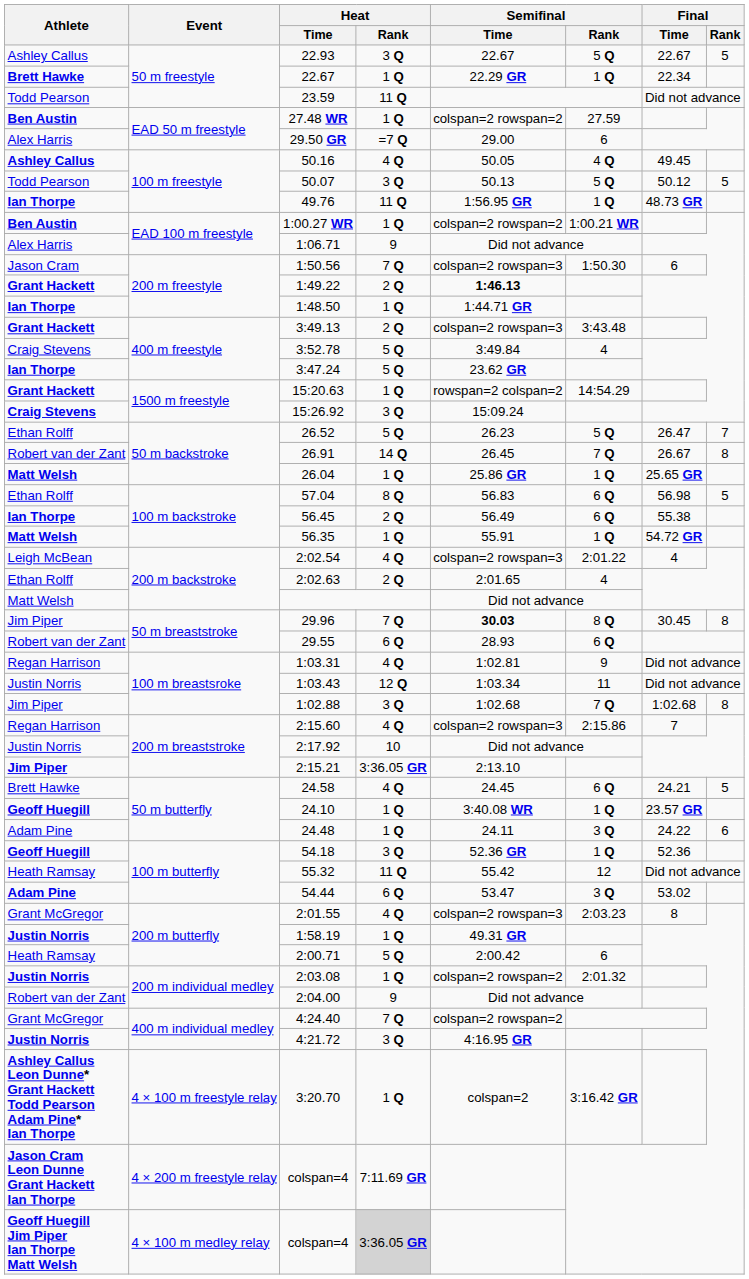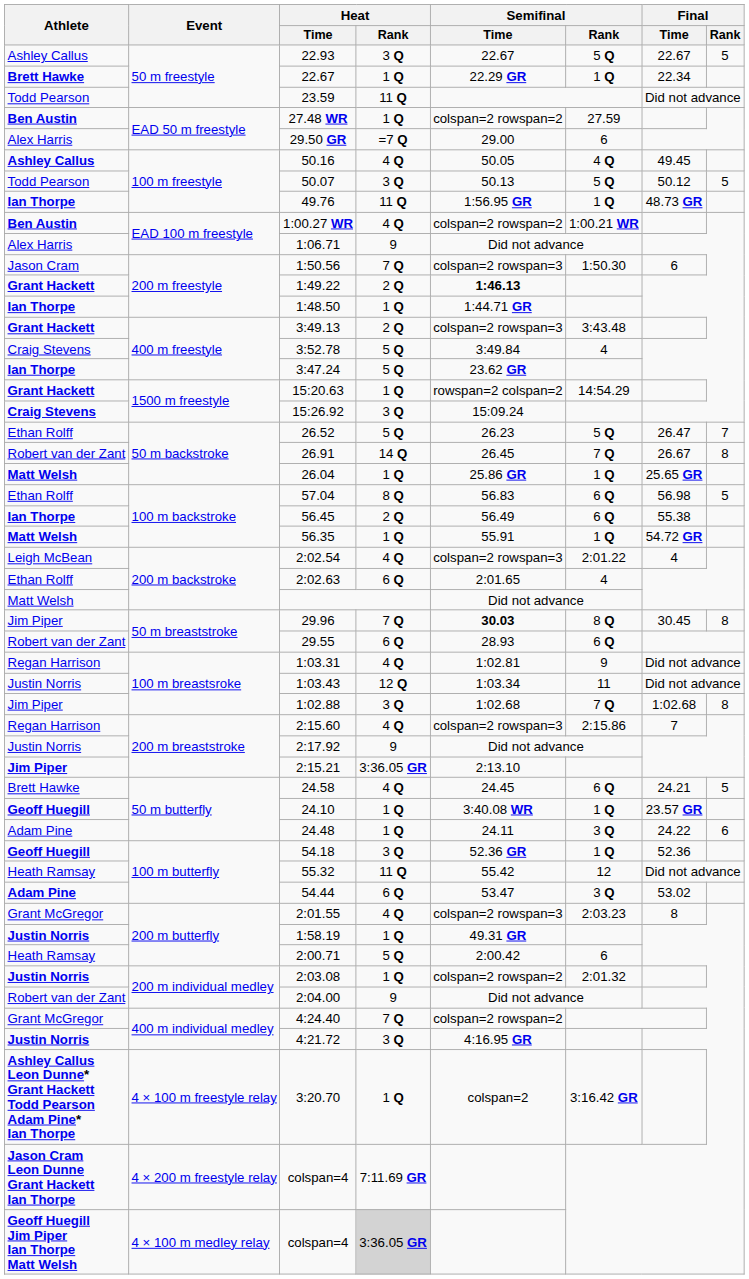 <table class=wikitable style="font-size:90%">
 <tr>
 <th rowspan="2">Athlete</th>
 <th rowspan="2">Event</th>
 <th colspan="2">Heat</th>
 <th colspan="2">Semifinal</th>
 <th colspan="2">Final</th>
 </tr>
 <tr style="font-size:95%">
 <th>Time</th>
 <th>Rank</th>
 <th>Time</th>
 <th>Rank</th>
 <th>Time</th>
 <th>Rank</th>
 </tr>
 <tr align=center>
 <td align=left><a href='#'>Ashley Callus</a></td>
 <td align=left rowspan=3><a href='#'>50 m freestyle</a></td>
 <td>22.93</td>
 <td>3 <strong>Q</strong></td>
 <td>22.67</td>
 <td>5 <strong>Q</strong></td>
 <td>22.67</td>
 <td>5</td>
 </tr>
 <tr align=center>
 <td align=left><strong><a href='#'>Brett Hawke</a></strong></td>
 <td>22.67</td>
 <td>1 <strong>Q</strong></td>
 <td>22.29 <strong><a href='#'>GR</a></strong></td>
 <td>1 <strong>Q</strong></td>
 <td>22.34</td>
 <td></td>
 </tr>
 <tr align=center>
 <td align=left><a href='#'>Todd Pearson</a></td>
 <td>23.59</td>
 <td>11 <strong>Q</strong></td>
 <td colspan=2></td>
 <td colspan=2>Did not advance</td>
 </tr>
 <tr align=center>
 <td align=left><strong><a href='#'>Ben Austin</a></strong></td>
 <td align=left rowspan=2><a href='#'>EAD 50 m freestyle</a></td>
 <td>27.48 <strong><a href='#'>WR</a></strong></td>
 <td>1 <strong>Q</strong></td>
 <td>colspan=2 rowspan=2 </td>
 <td>27.59</td>
 <td></td>
 </tr>
 <tr align=center>
 <td align=left><a href='#'>Alex Harris</a></td>
 <td>29.50 <strong><a href='#'>GR</a></strong></td>
 <td>=7 <strong>Q</strong></td>
 <td>29.00</td>
 <td>6</td>
 </tr>
 <tr align=center>
 <td align=left><strong><a href='#'>Ashley Callus</a></strong></td>
 <td align=left rowspan=3><a href='#'>100 m freestyle</a></td>
 <td>50.16</td>
 <td>4 <strong>Q</strong></td>
 <td>50.05</td>
 <td>4 <strong>Q</strong></td>
 <td>49.45</td>
 <td></td>
 </tr>
 <tr align=center>
 <td align=left><a href='#'>Todd Pearson</a></td>
 <td>50.07</td>
 <td>3 <strong>Q</strong></td>
 <td>50.13</td>
 <td>5 <strong>Q</strong></td>
 <td>50.12</td>
 <td>5</td>
 </tr>
 <tr align=center>
 <td align=left><strong><a href='#'>Ian Thorpe</a></strong></td>
 <td>49.76</td>
 <td>11 <strong>Q</strong></td>
 <td>1:56.95 <strong><a href='#'>GR</a></strong></td>
 <td>1 <strong>Q</strong></td>
 <td>48.73 <strong><a href='#'>GR</a></strong></td>
 <td></td>
 </tr>
 <tr align=center>
 <td align=left><strong><a href='#'>Ben Austin</a></strong></td>
 <td align=left rowspan=2><a href='#'>EAD 100 m freestyle</a></td>
 <td>1:00.27 <strong><a href='#'>WR</a></strong></td>
-<td>1 <strong>Q</strong></td>
+<td>4 <strong>Q</strong></td>
 <td>colspan=2 rowspan=2 </td>
 <td>1:00.21 <strong><a href='#'>WR</a></strong></td>
 <td></td>
 </tr>
 <tr align=center>
 <td align=left><a href='#'>Alex Harris</a></td>
 <td>1:06.71</td>
 <td>9</td>
 <td colspan=2>Did not advance</td>
 </tr>
 <tr align=center>
 <td align=left><a href='#'>Jason Cram</a></td>
 <td align=left rowspan=3><a href='#'>200 m freestyle</a></td>
 <td>1:50.56</td>
 <td>7 <strong>Q</strong></td>
 <td>colspan=2 rowspan=3 </td>
 <td>1:50.30</td>
 <td>6</td>
 </tr>
 <tr align=center>
 <td align=left><strong><a href='#'>Grant Hackett</a></strong></td>
 <td>1:49.22</td>
 <td>2 <strong>Q</strong></td>
 <td><strong>1:46.13</strong></td>
 <td></td>
 </tr>
 <tr align=center>
 <td align=left><strong><a href='#'>Ian Thorpe</a></strong></td>
 <td>1:48.50</td>
 <td>1 <strong>Q</strong></td>
 <td>1:44.71 <strong><a href='#'>GR</a></strong></td>
 <td></td>
 </tr>
 <tr align=center>
 <td align=left><strong><a href='#'>Grant Hackett</a></strong></td>
 <td align=left rowspan=3><a href='#'>400 m freestyle</a></td>
 <td>3:49.13</td>
 <td>2 <strong>Q</strong></td>
 <td>colspan=2 rowspan=3 </td>
 <td>3:43.48</td>
 <td></td>
 </tr>
 <tr align=center>
 <td align=left><a href='#'>Craig Stevens</a></td>
 <td>3:52.78</td>
 <td>5 <strong>Q</strong></td>
 <td>3:49.84</td>
 <td>4</td>
 </tr>
 <tr align=center>
 <td align=left><strong><a href='#'>Ian Thorpe</a></strong></td>
 <td>3:47.24</td>
 <td>5 <strong>Q</strong></td>
 <td>23.62 <strong><a href='#'>GR</a></strong></td>
 <td></td>
 </tr>
 <tr align=center>
 <td align=left><strong><a href='#'>Grant Hackett</a></strong></td>
 <td align=left rowspan=2><a href='#'>1500 m freestyle</a></td>
 <td>15:20.63</td>
 <td>1 <strong>Q</strong></td>
 <td>rowspan=2 colspan=2 </td>
 <td>14:54.29</td>
 <td></td>
 </tr>
 <tr align=center>
 <td align=left><strong><a href='#'>Craig Stevens</a></strong></td>
 <td>15:26.92</td>
 <td>3 <strong>Q</strong></td>
 <td>15:09.24</td>
 <td></td>
 </tr>
 <tr align=center>
 <td align=left><a href='#'>Ethan Rolff</a></td>
 <td align=left rowspan=3><a href='#'>50 m backstroke</a></td>
 <td>26.52</td>
 <td>5 <strong>Q</strong></td>
 <td>26.23</td>
 <td>5 <strong>Q</strong></td>
 <td>26.47</td>
 <td>7</td>
 </tr>
 <tr align=center>
 <td align=left><a href='#'>Robert van der Zant</a></td>
 <td>26.91</td>
 <td>14 <strong>Q</strong></td>
 <td>26.45</td>
 <td>7 <strong>Q</strong></td>
 <td>26.67</td>
 <td>8</td>
 </tr>
 <tr align=center>
 <td align=left><strong><a href='#'>Matt Welsh</a></strong></td>
 <td>26.04</td>
 <td>1 <strong>Q</strong></td>
 <td>25.86 <strong><a href='#'>GR</a></strong></td>
 <td>1 <strong>Q</strong></td>
 <td>25.65 <strong><a href='#'>GR</a></strong></td>
 <td></td>
 </tr>
 <tr align=center>
 <td align=left><a href='#'>Ethan Rolff</a></td>
 <td align=left rowspan=3><a href='#'>100 m backstroke</a></td>
 <td>57.04</td>
 <td>8 <strong>Q</strong></td>
 <td>56.83</td>
 <td>6 <strong>Q</strong></td>
 <td>56.98</td>
 <td>5</td>
 </tr>
 <tr align=center>
 <td align=left><strong><a href='#'>Ian Thorpe</a></strong></td>
 <td>56.45</td>
 <td>2 <strong>Q</strong></td>
 <td>56.49</td>
 <td>6 <strong>Q</strong></td>
 <td>55.38</td>
 <td></td>
 </tr>
 <tr align=center>
 <td align=left><strong><a href='#'>Matt Welsh</a></strong></td>
 <td>56.35</td>
 <td>1 <strong>Q</strong></td>
 <td>55.91</td>
 <td>1 <strong>Q</strong></td>
 <td>54.72 <strong><a href='#'>GR</a></strong></td>
 <td></td>
 </tr>
 <tr align=center>
 <td align=left><a href='#'>Leigh McBean</a></td>
 <td align=left rowspan=3><a href='#'>200 m backstroke</a></td>
 <td>2:02.54</td>
 <td>4 <strong>Q</strong></td>
 <td>colspan=2 rowspan=3 </td>
 <td>2:01.22</td>
 <td>4</td>
 </tr>
 <tr align=center>
 <td align=left><a href='#'>Ethan Rolff</a></td>
 <td>2:02.63</td>
-<td>2 <strong>Q</strong></td>
+<td>6 <strong>Q</strong></td>
 <td>2:01.65</td>
 <td>4</td>
 </tr>
 <tr align=center>
 <td align=left><a href='#'>Matt Welsh</a></td>
 <td colspan=2></td>
 <td colspan=2>Did not advance</td>
 </tr>
 <tr align=center>
 <td align=left><a href='#'>Jim Piper</a></td>
 <td align=left rowspan=2><a href='#'>50 m breaststroke</a></td>
 <td>29.96</td>
 <td>7 <strong>Q</strong></td>
 <td><strong>30.03</strong></td>
 <td>8 <strong>Q</strong></td>
 <td>30.45</td>
 <td>8</td>
 </tr>
 <tr align=center>
 <td align=left><a href='#'>Robert van der Zant</a></td>
 <td>29.55</td>
 <td>6 <strong>Q</strong></td>
 <td>28.93</td>
 <td>6 <strong>Q</strong></td>
 <td colspan=2></td>
 </tr>
 <tr align=center>
 <td align=left><a href='#'>Regan Harrison</a></td>
 <td align=left rowspan=3><a href='#'>100 m breastsroke</a></td>
 <td>1:03.31</td>
 <td>4 <strong>Q</strong></td>
 <td>1:02.81</td>
 <td>9</td>
 <td colspan=2>Did not advance</td>
 </tr>
 <tr align=center>
 <td align=left><a href='#'>Justin Norris</a></td>
 <td>1:03.43</td>
 <td>12 <strong>Q</strong></td>
 <td>1:03.34</td>
 <td>11</td>
 <td colspan=2>Did not advance</td>
 </tr>
 <tr align=center>
 <td align=left><a href='#'>Jim Piper</a></td>
 <td>1:02.88</td>
 <td>3 <strong>Q</strong></td>
 <td>1:02.68</td>
 <td>7 <strong>Q</strong></td>
 <td>1:02.68</td>
 <td>8</td>
 </tr>
 <tr align=center>
 <td align=left><a href='#'>Regan Harrison</a></td>
 <td align=left rowspan=3><a href='#'>200 m breaststroke</a></td>
 <td>2:15.60</td>
 <td>4 <strong>Q</strong></td>
 <td>colspan=2 rowspan=3 </td>
 <td>2:15.86</td>
 <td>7</td>
 </tr>
 <tr align=center>
 <td align=left><a href='#'>Justin Norris</a></td>
 <td>2:17.92</td>
-<td>10</td>
+<td>9</td>
 <td colspan=2>Did not advance</td>
 </tr>
 <tr align=center>
 <td align=left><strong><a href='#'>Jim Piper</a></strong></td>
 <td>2:15.21</td>
 <td>3:36.05 <strong><a href='#'>GR</a></strong></td>
 <td>2:13.10</td>
 <td></td>
 </tr>
 <tr align=center>
 <td align=left><a href='#'>Brett Hawke</a></td>
 <td align=left rowspan=3><a href='#'>50 m butterfly</a></td>
 <td>24.58</td>
 <td>4 <strong>Q</strong></td>
 <td>24.45</td>
 <td>6 <strong>Q</strong></td>
 <td>24.21</td>
 <td>5</td>
 </tr>
 <tr align=center>
 <td align=left><strong><a href='#'>Geoff Huegill</a></strong></td>
 <td>24.10</td>
 <td>1 <strong>Q</strong></td>
 <td>3:40.08 <strong><a href='#'>WR</a></strong></td>
 <td>1 <strong>Q</strong></td>
 <td>23.57 <strong><a href='#'>GR</a></strong></td>
 <td></td>
 </tr>
 <tr align=center>
 <td align=left><a href='#'>Adam Pine</a></td>
 <td>24.48</td>
 <td>1 <strong>Q</strong></td>
 <td>24.11</td>
 <td>3 <strong>Q</strong></td>
 <td>24.22</td>
 <td>6</td>
 </tr>
 <tr align=center>
 <td align=left><strong><a href='#'>Geoff Huegill</a></strong></td>
 <td align=left rowspan=3><a href='#'>100 m butterfly</a></td>
 <td>54.18</td>
 <td>3 <strong>Q</strong></td>
 <td>52.36 <strong><a href='#'>GR</a></strong></td>
 <td>1 <strong>Q</strong></td>
 <td>52.36</td>
 <td></td>
 </tr>
 <tr align=center>
 <td align=left><a href='#'>Heath Ramsay</a></td>
 <td>55.32</td>
 <td>11 <strong>Q</strong></td>
 <td>55.42</td>
 <td>12</td>
 <td colspan=2>Did not advance</td>
 </tr>
 <tr align=center>
 <td align=left><strong><a href='#'>Adam Pine</a></strong></td>
 <td>54.44</td>
 <td>6 <strong>Q</strong></td>
 <td>53.47</td>
 <td>3 <strong>Q</strong></td>
 <td>53.02</td>
 <td></td>
 </tr>
 <tr align=center>
 <td align=left><a href='#'>Grant McGregor</a></td>
 <td align=left rowspan=3><a href='#'>200 m butterfly</a></td>
 <td>2:01.55</td>
 <td>4 <strong>Q</strong></td>
 <td>colspan=2 rowspan=3 </td>
 <td>2:03.23</td>
 <td>8</td>
 </tr>
 <tr align=center>
 <td align=left><strong><a href='#'>Justin Norris</a></strong></td>
 <td>1:58.19</td>
 <td>1 <strong>Q</strong></td>
 <td>49.31 <strong><a href='#'>GR</a></strong></td>
 <td></td>
 </tr>
 <tr align=center>
 <td align=left><a href='#'>Heath Ramsay</a></td>
 <td>2:00.71</td>
 <td>5 <strong>Q</strong></td>
 <td>2:00.42</td>
 <td>6</td>
 </tr>
 <tr align=center>
 <td align=left><strong><a href='#'>Justin Norris</a></strong></td>
 <td align=left rowspan=2><a href='#'>200 m individual medley</a></td>
 <td>2:03.08</td>
 <td>1 <strong>Q</strong></td>
 <td>colspan=2 rowspan=2 </td>
 <td>2:01.32</td>
 <td></td>
 </tr>
 <tr align=center>
 <td align=left><a href='#'>Robert van der Zant</a></td>
 <td>2:04.00</td>
 <td>9</td>
 <td colspan=2>Did not advance</td>
 </tr>
 <tr align=center>
 <td align=left><a href='#'>Grant McGregor</a></td>
 <td align=left rowspan=2><a href='#'>400 m individual medley</a></td>
 <td>4:24.40</td>
 <td>7 <strong>Q</strong></td>
 <td>colspan=2 rowspan=2 </td>
 <td colspan=2></td>
 </tr>
 <tr align=center>
 <td align=left><strong><a href='#'>Justin Norris</a></strong></td>
 <td>4:21.72</td>
 <td>3 <strong>Q</strong></td>
 <td>4:16.95 <strong><a href='#'>GR</a></strong></td>
 <td></td>
 </tr>
 <tr align=center>
 <td align=left><strong><a href='#'>Ashley Callus</a><br><a href='#'>Leon Dunne</a>*<br><a href='#'>Grant Hackett</a><br><a href='#'>Todd Pearson</a><br><a href='#'>Adam Pine</a>*<br><a href='#'>Ian Thorpe</a></strong></td>
 <td align=left><a href='#'>4 × 100 m freestyle relay</a></td>
 <td>3:20.70</td>
 <td>1 <strong>Q</strong></td>
 <td>colspan=2 </td>
 <td>3:16.42 <strong><a href='#'>GR</a></strong></td>
 <td></td>
 </tr>
 <tr align=center>
 <td align=left><strong><a href='#'>Jason Cram</a><br><a href='#'>Leon Dunne</a><br><a href='#'>Grant Hackett</a><br><a href='#'>Ian Thorpe</a></strong></td>
 <td align=left><a href='#'>4 × 200 m freestyle relay</a></td>
 <td>colspan=4</td>
 <td>7:11.69 <strong><a href='#'>GR</a></strong></td>
 <td></td>
 </tr>
 <tr align=center>
 <td align=left><strong><a href='#'>Geoff Huegill</a><br><a href='#'>Jim Piper</a><br><a href='#'>Ian Thorpe</a><br><a href='#'>Matt Welsh</a></strong></td>
 <td align=left><a href='#'>4 × 100 m medley relay</a></td>
 <td>colspan=4</td>
 <td style="background: lightgrey;">3:36.05 <strong><a href='#'>GR</a></strong></td>
 <td></td>
 </tr>
 </table>
